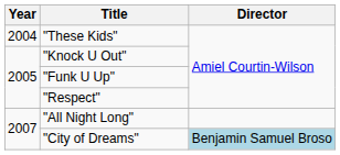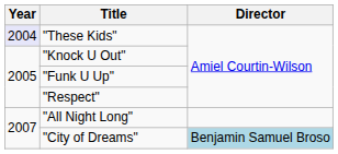 <table class="wikitable">
 <tr>
 <th>Year</th>
 <th width="175">Title</th>
 <th>Director</th>
 </tr>
 <tr>
-<td>2004</td>
+<td style="background: lavender;">2004</td>
 <td>"These Kids"</td>
 <td rowspan="4"><a href='#'>Amiel Courtin-Wilson</a></td>
 </tr>
 <tr>
 <td rowspan="3">2005</td>
 <td>"Knock U Out"</td>
 </tr>
 <tr>
 <td>"Funk U Up"</td>
 </tr>
 <tr>
 <td>"Respect"</td>
 </tr>
 <tr>
 <td rowspan="2">2007</td>
 <td>"All Night Long"</td>
 <td></td>
 </tr>
 <tr>
 <td>"City of Dreams"</td>
 <td style="background: lightblue;">Benjamin Samuel Broso</td>
 </tr>
 </table>
